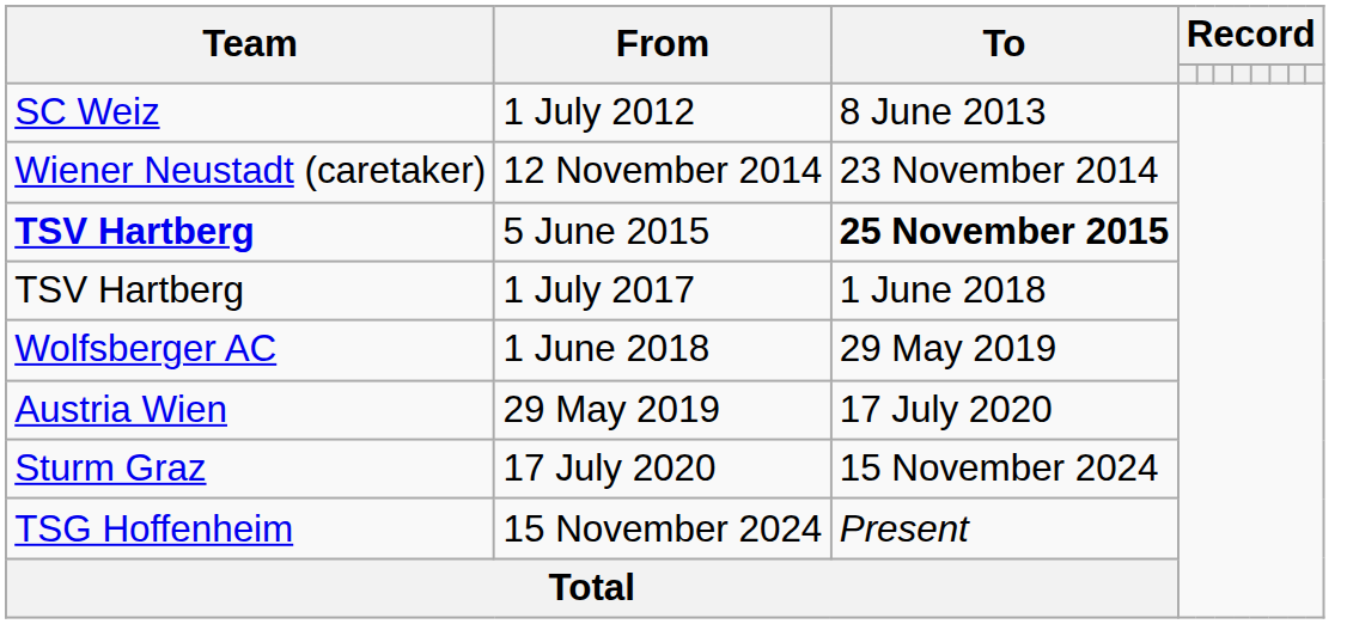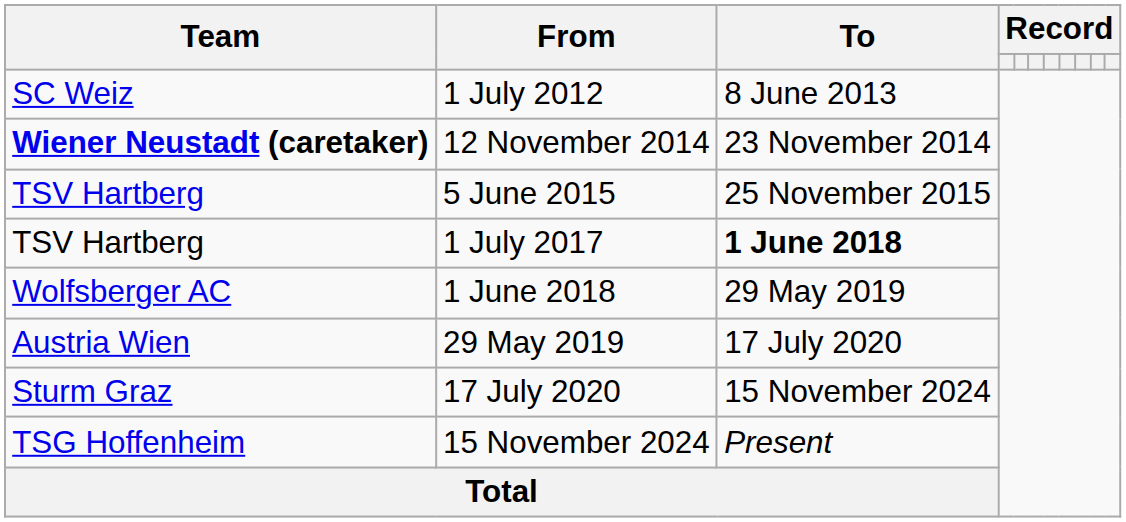 <table class="wikitable" style="text-align: center">
 <tr>
 <th rowspan=2>Team</th>
 <th rowspan=2>From</th>
 <th rowspan=2>To</th>
 <th colspan=8>Record</th>
 </tr>
 <tr>
 <th></th>
 <th></th>
 <th></th>
 <th></th>
 <th></th>
 <th></th>
 <th></th>
 <th></th>
 </tr>
 <tr>
 <td align="left"><a href='#'>SC Weiz</a></td>
 <td align="left">1 July 2012</td>
 <td align="left">8 June 2013<br></td>
 </tr>
 <tr>
-<td align="left"><a href='#'>Wiener Neustadt</a> (caretaker)</td>
+<td align="left"><strong><a href='#'>Wiener Neustadt</a> (caretaker)</strong></td>
 <td align="left">12 November 2014</td>
 <td align="left">23 November 2014<br></td>
 </tr>
 <tr>
-<td align="left"><strong><a href='#'>TSV Hartberg</a></strong></td>
+<td align="left"><a href='#'>TSV Hartberg</a></td>
 <td align="left">5 June 2015</td>
-<td align="left"><strong>25 November 2015<br></strong></td>
+<td align="left">25 November 2015<br></td>
 </tr>
 <tr>
 <td align="left">TSV Hartberg</td>
 <td align="left">1 July 2017</td>
-<td align="left">1 June 2018<br></td>
+<td align="left"><strong>1 June 2018<br></strong></td>
 </tr>
 <tr>
 <td align="left"><a href='#'>Wolfsberger AC</a></td>
 <td align="left">1 June 2018</td>
 <td align="left">29 May 2019<br></td>
 </tr>
 <tr>
 <td align="left"><a href='#'>Austria Wien</a></td>
 <td align="left">29 May 2019</td>
 <td align="left">17 July 2020<br></td>
 </tr>
 <tr>
 <td align="left"><a href='#'>Sturm Graz</a></td>
 <td align="left">17 July 2020</td>
 <td align="left">15 November 2024<br></td>
 </tr>
 <tr>
 <td align="left"><a href='#'>TSG Hoffenheim</a></td>
 <td align="left">15 November 2024</td>
 <td align="left"><em>Present</em><br></td>
 </tr>
 <tr>
 <th colspan=3>Total<br></th>
 </tr>
 </table>
